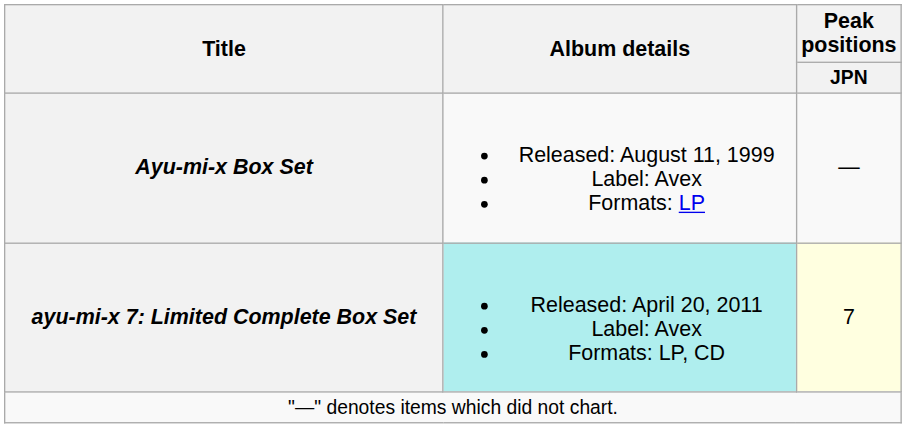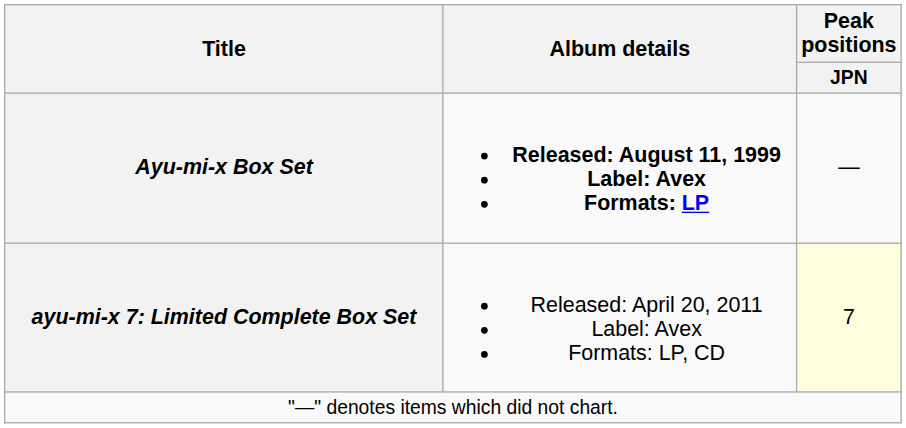 <table class="wikitable plainrowheaders" style="text-align:center;">
 <tr>
 <th style="width:20em;" rowspan="2">Title</th>
 <th style="width:16em;" rowspan="2">Album details</th>
 <th colspan="1">Peak positions</th>
 </tr>
 <tr>
 <th scope="col" style="width:3em;font-size:90%;">JPN<br></th>
 </tr>
 <tr>
 <th scope="row"><em>Ayu-mi-x Box Set</em></th>
-<td><br><ul><li>Released: August 11, 1999</li><li>Label: Avex</li><li>Formats: <a href='#'>LP</a></li></ul></td>
+<td><strong><br><ul><li>Released: August 11, 1999</li><li>Label: Avex</li><li>Formats: <a href='#'>LP</a></li></ul></strong></td>
 <td>—</td>
 </tr>
 <tr>
 <th scope="row"><em>ayu-mi-x 7: Limited Complete Box Set</em></th>
-<td style="background: paleturquoise;"><br><ul><li>Released: April 20, 2011</li><li>Label: Avex</li><li>Formats: LP, CD</li></ul></td>
+<td><br><ul><li>Released: April 20, 2011</li><li>Label: Avex</li><li>Formats: LP, CD</li></ul></td>
 <td style="background: lightyellow;">7</td>
 </tr>
 <tr>
 <td colspan="12" align="center" style="font-size:90%;">"—" denotes items which did not chart.</td>
 </tr>
 </table>
